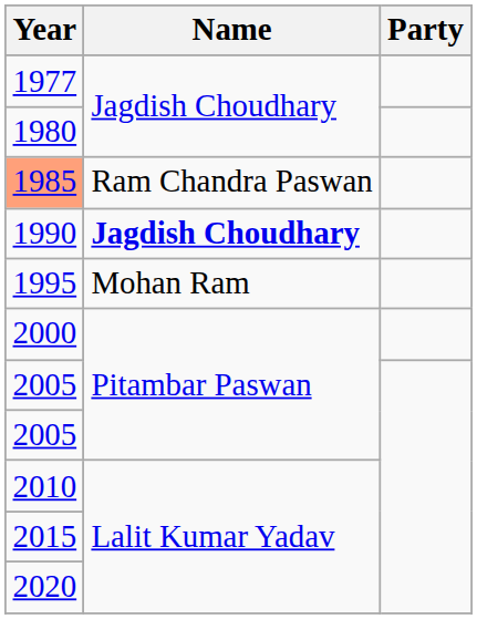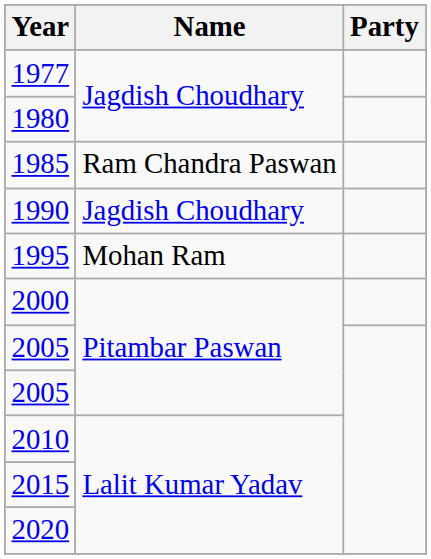 <table class="wikitable sortable">
 <tr>
 <th>Year</th>
 <th>Name</th>
 <th colspan="2">Party</th>
 </tr>
 <tr>
 <td><a href='#'>1977</a></td>
 <td rowspan="2"><a href='#'>Jagdish Choudhary</a></td>
 <td></td>
 </tr>
 <tr>
 <td><a href='#'>1980</a></td>
 <td></td>
 </tr>
 <tr>
-<td style="background: lightsalmon;"><a href='#'>1985</a></td>
+<td><a href='#'>1985</a></td>
 <td>Ram Chandra Paswan</td>
 <td></td>
 </tr>
 <tr>
 <td><a href='#'>1990</a></td>
-<td><strong><a href='#'>Jagdish Choudhary</a></strong></td>
+<td><a href='#'>Jagdish Choudhary</a></td>
 <td></td>
 </tr>
 <tr>
 <td><a href='#'>1995</a></td>
 <td>Mohan Ram</td>
 </tr>
 <tr>
 <td><a href='#'>2000</a></td>
 <td rowspan="3"><a href='#'>Pitambar Paswan</a></td>
 <td></td>
 </tr>
 <tr>
 <td><a href='#'>2005</a></td>
 </tr>
 <tr>
 <td><a href='#'>2005</a></td>
 </tr>
 <tr>
 <td><a href='#'>2010</a></td>
 <td rowspan="3"><a href='#'>Lalit Kumar Yadav</a></td>
 </tr>
 <tr>
 <td><a href='#'>2015</a></td>
 </tr>
 <tr>
 <td><a href='#'>2020</a></td>
 </tr>
 </table>
